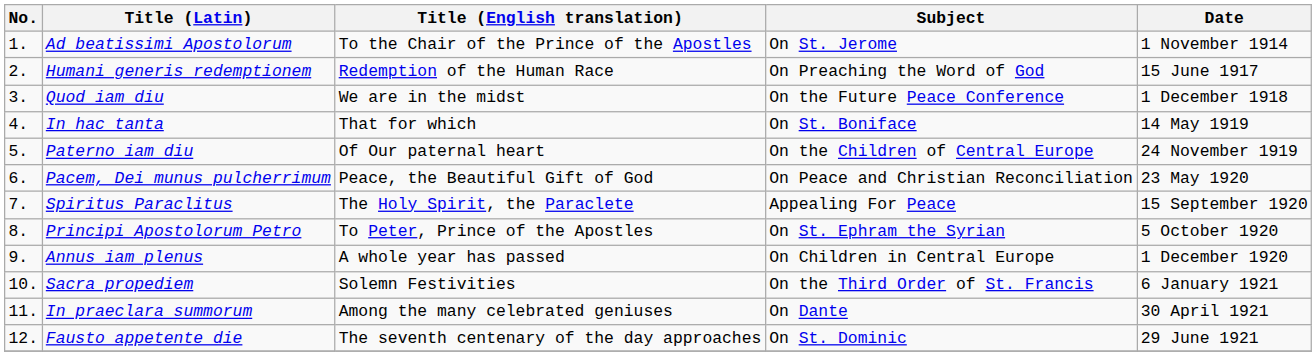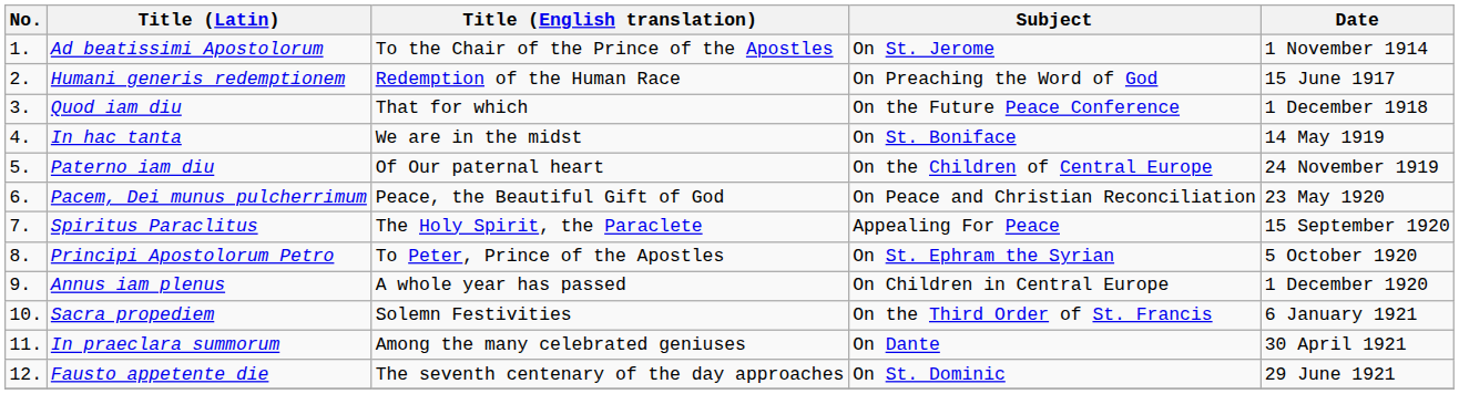 <table class="wikitable">
 <tr>
 <th>No.</th>
 <th>Title (<a href='#'>Latin</a>)</th>
 <th>Title (<a href='#'>English</a> translation)</th>
 <th>Subject</th>
 <th>Date</th>
 </tr>
 <tr>
 <td>1.</td>
 <td><em><a href='#'>Ad beatissimi Apostolorum</a></em></td>
 <td>To the Chair of the Prince of the <a href='#'>Apostles</a></td>
 <td>On <a href='#'>St. Jerome</a></td>
 <td>1 November 1914</td>
 </tr>
 <tr>
 <td>2.</td>
 <td><em><a href='#'>Humani generis redemptionem</a></em></td>
 <td><a href='#'>Redemption</a> of the Human Race</td>
 <td>On Preaching the Word of <a href='#'>God</a></td>
 <td>15 June 1917</td>
 </tr>
 <tr>
 <td>3.</td>
 <td><em><a href='#'>Quod iam diu</a></em></td>
-<td>We are in the midst</td>
+<td>That for which</td>
 <td>On the Future <a href='#'>Peace Conference</a></td>
 <td>1 December 1918</td>
 </tr>
 <tr>
 <td>4.</td>
 <td><em><a href='#'>In hac tanta</a></em></td>
-<td>That for which</td>
+<td>We are in the midst</td>
 <td>On <a href='#'>St. Boniface</a></td>
 <td>14 May 1919</td>
 </tr>
 <tr>
 <td>5.</td>
 <td><em><a href='#'>Paterno iam diu</a></em></td>
 <td>Of Our paternal heart</td>
 <td>On the <a href='#'>Children</a> of <a href='#'>Central Europe</a></td>
 <td>24 November 1919</td>
 </tr>
 <tr>
 <td>6.</td>
 <td><em><a href='#'>Pacem, Dei munus pulcherrimum</a></em></td>
 <td>Peace, the Beautiful Gift of God</td>
 <td>On Peace and Christian Reconciliation</td>
 <td>23 May 1920</td>
 </tr>
 <tr>
 <td>7.</td>
 <td><em><a href='#'>Spiritus Paraclitus</a></em></td>
 <td>The <a href='#'>Holy Spirit</a>, the <a href='#'>Paraclete</a></td>
 <td>Appealing For <a href='#'>Peace</a></td>
 <td>15 September 1920</td>
 </tr>
 <tr>
 <td>8.</td>
 <td><em><a href='#'>Principi Apostolorum Petro</a></em></td>
 <td>To <a href='#'>Peter</a>, Prince of the Apostles</td>
 <td>On <a href='#'>St. Ephram the Syrian</a></td>
 <td>5 October 1920</td>
 </tr>
 <tr>
 <td>9.</td>
 <td><em><a href='#'>Annus iam plenus</a></em></td>
 <td>A whole year has passed</td>
 <td>On Children in Central Europe</td>
 <td>1 December 1920</td>
 </tr>
 <tr>
 <td>10.</td>
 <td><em><a href='#'>Sacra propediem</a></em></td>
 <td>Solemn Festivities</td>
 <td>On the <a href='#'>Third Order</a> of <a href='#'>St. Francis</a></td>
 <td>6 January 1921</td>
 </tr>
 <tr>
 <td>11.</td>
 <td><em><a href='#'>In praeclara summorum</a></em></td>
 <td>Among the many celebrated geniuses</td>
 <td>On <a href='#'>Dante</a></td>
 <td>30 April 1921</td>
 </tr>
 <tr>
 <td>12.</td>
 <td><em><a href='#'>Fausto appetente die</a></em></td>
 <td>The seventh centenary of the day approaches</td>
 <td>On <a href='#'>St. Dominic</a></td>
 <td>29 June 1921</td>
 </tr>
 <tr>
 </tr>
 </table>
